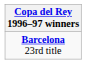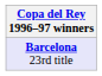 <table class="wikitable" style="text-align: center; margin: 0 auto">
 <tr>
 <th><a href='#'>Copa del Rey</a><br>1996–97 winners</th>
 </tr>
 <tr>
-<td><strong><a href='#'>Barcelona</a></strong><br>23rd title</td>
+<td style="background: lavender;"><strong><a href='#'>Barcelona</a></strong><br>23rd title</td>
 </tr>
 </table>
